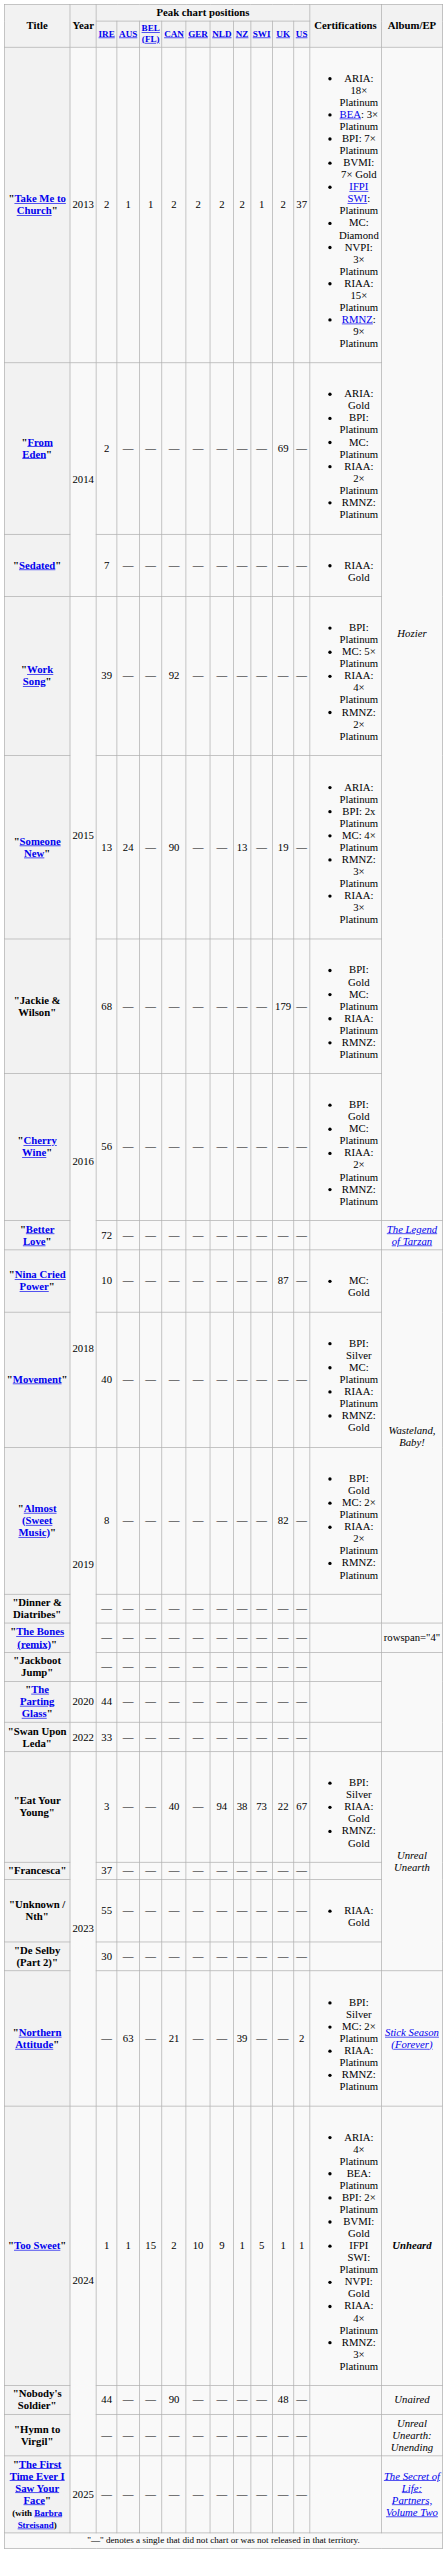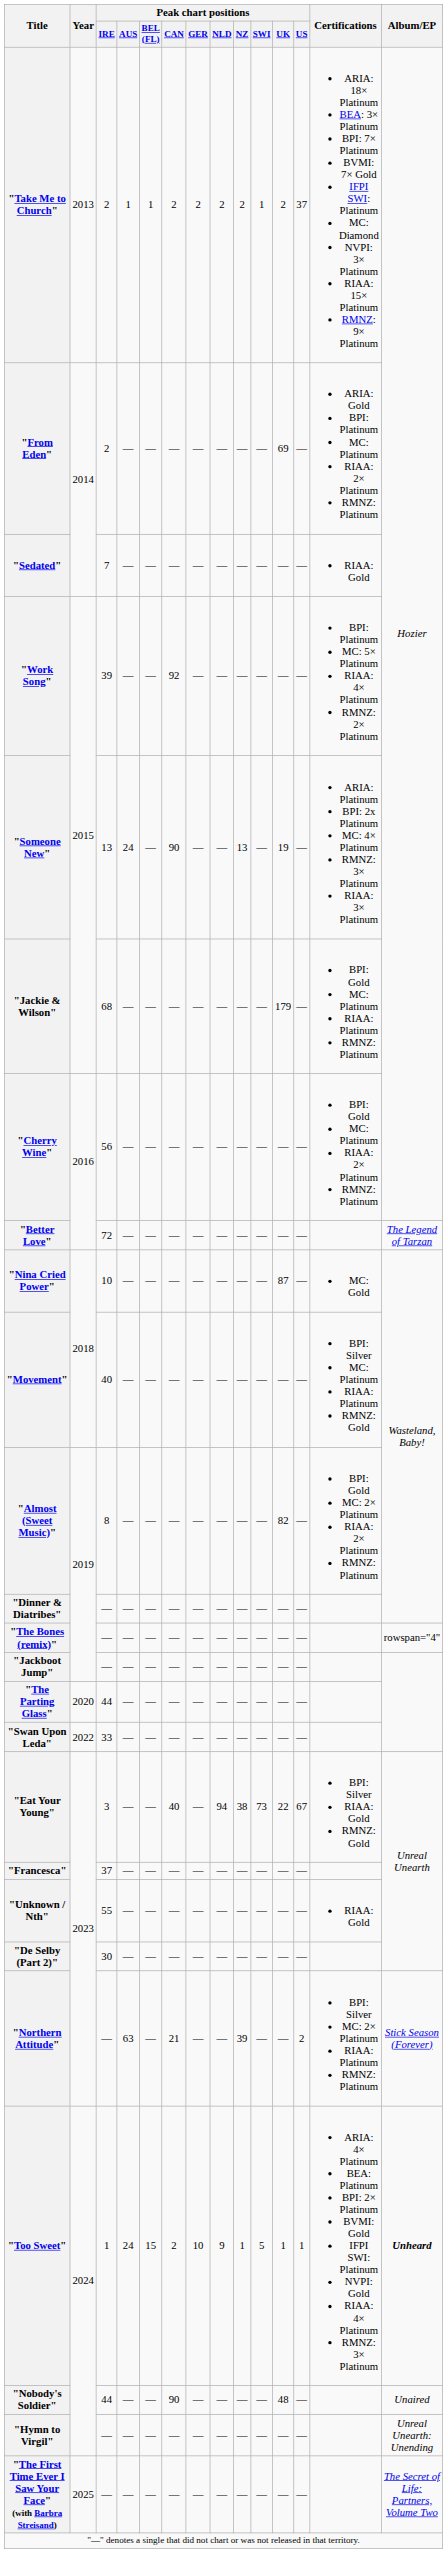 <table class="wikitable plainrowheaders" style="text-align:center;">
 <tr>
 <th scope="col" rowspan="2" style="width:14em;">Title</th>
 <th scope="col" rowspan="2" style="width:1em;">Year</th>
 <th scope="col" colspan="10">Peak chart positions</th>
 <th scope="col" rowspan="2" style="width:13em;">Certifications</th>
 <th scope="col" rowspan="2" style="width:10em;">Album/<strong>EP</strong></th>
 </tr>
 <tr>
 <th scope="col" style="width:3em;font-size:85%;"><a href='#'>IRE</a><br></th>
 <th scope="col" style="width:3em;font-size:85%;"><a href='#'>AUS</a><br></th>
 <th scope="col" style="width:3em;font-size:85%;"><a href='#'>BEL<br>(FL)</a><br></th>
 <th scope="col" style="width:3em;font-size:85%;"><a href='#'>CAN</a><br></th>
 <th scope="col" style="width:3em;font-size:85%;"><a href='#'>GER</a><br></th>
 <th scope="col" style="width:3em;font-size:85%;"><a href='#'>NLD</a><br></th>
 <th scope="col" style="width:3em;font-size:85%;"><a href='#'>NZ</a><br></th>
 <th scope="col" style="width:3em;font-size:85%;"><a href='#'>SWI</a><br></th>
 <th scope="col" style="width:3em;font-size:85%;"><a href='#'>UK</a><br></th>
 <th scope="col" style="width:3em;font-size:85%;"><a href='#'>US</a><br></th>
 </tr>
 <tr>
 <th scope="row">"<a href='#'>Take Me to Church</a>"</th>
 <td>2013</td>
 <td>2</td>
 <td>1</td>
 <td>1</td>
 <td>2</td>
 <td>2</td>
 <td>2</td>
 <td>2</td>
 <td>1</td>
 <td>2</td>
 <td>37</td>
 <td><br><ul><li>ARIA: 18× Platinum</li><li><a href='#'>BEA</a>: 3× Platinum</li><li>BPI: 7× Platinum</li><li>BVMI: 7× Gold</li><li><a href='#'>IFPI SWI</a>: Platinum</li><li>MC: Diamond</li><li>NVPI: 3× Platinum</li><li>RIAA: 15× Platinum</li><li><a href='#'>RMNZ</a>: 9× Platinum</li></ul></td>
 <td rowspan="7"><em>Hozier</em></td>
 </tr>
 <tr>
 <th scope="row">"<a href='#'>From Eden</a>"</th>
 <td rowspan="2">2014</td>
 <td>2</td>
 <td>—</td>
 <td>—</td>
 <td>—</td>
 <td>—</td>
 <td>—</td>
 <td>—</td>
 <td>—</td>
 <td>69</td>
 <td>—</td>
 <td><br><ul><li>ARIA: Gold</li><li>BPI: Platinum</li><li>MC: Platinum</li><li>RIAA: 2× Platinum</li><li>RMNZ: Platinum</li></ul></td>
 </tr>
 <tr>
 <th scope="row">"<a href='#'>Sedated</a>"</th>
 <td>7</td>
 <td>—</td>
 <td>—</td>
 <td>—</td>
 <td>—</td>
 <td>—</td>
 <td>—</td>
 <td>—</td>
 <td>—</td>
 <td>—</td>
 <td><br><ul><li>RIAA: Gold</li></ul></td>
 </tr>
 <tr>
 <th scope="row">"<a href='#'>Work Song</a>"</th>
 <td rowspan="3">2015</td>
 <td>39<br></td>
 <td>—</td>
 <td>—</td>
 <td>92</td>
 <td>—</td>
 <td>—</td>
 <td>—</td>
 <td>—</td>
 <td>—</td>
 <td>—</td>
 <td><br><ul><li>BPI: Platinum</li><li>MC: 5× Platinum</li><li>RIAA: 4× Platinum</li><li>RMNZ: 2× Platinum</li></ul></td>
 </tr>
 <tr>
 <th scope="row">"<a href='#'>Someone New</a>"</th>
 <td>13</td>
 <td>24</td>
 <td>—</td>
 <td>90</td>
 <td>—</td>
 <td>—</td>
 <td>13</td>
 <td>—</td>
 <td>19</td>
 <td>—</td>
 <td><br><ul><li>ARIA: Platinum</li><li>BPI: 2x Platinum</li><li>MC: 4× Platinum</li><li>RMNZ: 3× Platinum</li><li>RIAA: 3× Platinum</li></ul></td>
 </tr>
 <tr>
 <th scope="row">"Jackie & Wilson"</th>
 <td>68</td>
 <td>—</td>
 <td>—</td>
 <td>—</td>
 <td>—</td>
 <td>—</td>
 <td>—</td>
 <td>—</td>
 <td>179</td>
 <td>—</td>
 <td><br><ul><li>BPI: Gold</li><li>MC: Platinum</li><li>RIAA: Platinum</li><li>RMNZ: Platinum</li></ul></td>
 </tr>
 <tr>
 <th scope="row">"<a href='#'>Cherry Wine</a>"</th>
 <td rowspan="2">2016</td>
 <td>56</td>
 <td>—</td>
 <td>—</td>
 <td>—</td>
 <td>—</td>
 <td>—</td>
 <td>—</td>
 <td>—</td>
 <td>—</td>
 <td>—</td>
 <td><br><ul><li>BPI: Gold</li><li>MC: Platinum</li><li>RIAA: 2× Platinum</li><li>RMNZ: Platinum</li></ul></td>
 </tr>
 <tr>
 <th scope="row">"<a href='#'>Better Love</a>"</th>
 <td>72</td>
 <td>—</td>
 <td>—</td>
 <td>—</td>
 <td>—</td>
 <td>—</td>
 <td>—</td>
 <td>—</td>
 <td>—</td>
 <td>—</td>
 <td></td>
 <td><em><a href='#'>The Legend of Tarzan</a></em></td>
 </tr>
 <tr>
 <th scope="row">"<a href='#'>Nina Cried Power</a>"<br></th>
 <td rowspan="2">2018</td>
 <td>10</td>
 <td>—</td>
 <td>—</td>
 <td>—</td>
 <td>—</td>
 <td>—</td>
 <td>—</td>
 <td>—</td>
 <td>87</td>
 <td>—</td>
 <td><br><ul><li>MC: Gold</li></ul></td>
 <td rowspan="4"><em>Wasteland, Baby!</em></td>
 </tr>
 <tr>
 <th scope="row">"<a href='#'>Movement</a>"</th>
 <td>40</td>
 <td>—</td>
 <td>—</td>
 <td>—</td>
 <td>—</td>
 <td>—</td>
 <td>—</td>
 <td>—</td>
 <td>—</td>
 <td>—</td>
 <td><br><ul><li>BPI: Silver</li><li>MC: Platinum</li><li>RIAA: Platinum</li><li>RMNZ: Gold</li></ul></td>
 </tr>
 <tr>
 <th scope="row">"<a href='#'>Almost (Sweet Music)</a>"</th>
 <td rowspan="4">2019</td>
 <td>8</td>
 <td>—</td>
 <td>—</td>
 <td>—</td>
 <td>—</td>
 <td>—</td>
 <td>—</td>
 <td>—</td>
 <td>82</td>
 <td>—</td>
 <td><br><ul><li>BPI: Gold</li><li>MC: 2× Platinum</li><li>RIAA: 2× Platinum</li><li>RMNZ: Platinum</li></ul></td>
 </tr>
 <tr>
 <th scope="row">"Dinner & Diatribes"</th>
 <td>—</td>
 <td>—</td>
 <td>—</td>
 <td>—</td>
 <td>—</td>
 <td>—</td>
 <td>—</td>
 <td>—</td>
 <td>—</td>
 <td>—</td>
 <td></td>
 </tr>
 <tr>
 <th scope="row">"<a href='#'>The Bones (remix)</a>"<br></th>
 <td>—</td>
 <td>—</td>
 <td>—</td>
 <td>—</td>
 <td>—</td>
 <td>—</td>
 <td>—</td>
 <td>—</td>
 <td>—</td>
 <td>—</td>
 <td></td>
 <td>rowspan="4" </td>
 </tr>
 <tr>
 <th scope="row">"Jackboot Jump"</th>
 <td>—</td>
 <td>—</td>
 <td>—</td>
 <td>—</td>
 <td>—</td>
 <td>—</td>
 <td>—</td>
 <td>—</td>
 <td>—</td>
 <td>—</td>
 <td></td>
 </tr>
 <tr>
 <th scope="row">"<a href='#'>The Parting Glass</a>"</th>
 <td>2020</td>
 <td>44</td>
 <td>—</td>
 <td>—</td>
 <td>—</td>
 <td>—</td>
 <td>—</td>
 <td>—</td>
 <td>—</td>
 <td>—</td>
 <td>—</td>
 <td></td>
 </tr>
 <tr>
 <th scope="row">"Swan Upon Leda"</th>
 <td>2022</td>
 <td>33</td>
 <td>—</td>
 <td>—</td>
 <td>—</td>
 <td>—</td>
 <td>—</td>
 <td>—</td>
 <td>—</td>
 <td>—</td>
 <td>—</td>
 <td></td>
 </tr>
 <tr>
 <th scope="row">"Eat Your Young"</th>
 <td rowspan="5">2023</td>
 <td>3</td>
 <td>—</td>
 <td>—</td>
 <td>40</td>
 <td>—</td>
 <td>94</td>
 <td>38</td>
 <td>73</td>
 <td>22</td>
 <td>67</td>
 <td><br><ul><li>BPI: Silver</li><li>RIAA: Gold</li><li>RMNZ: Gold</li></ul></td>
 <td rowspan="4"><em>Unreal Unearth</em></td>
 </tr>
 <tr>
 <th scope="row">"Francesca"</th>
 <td>37</td>
 <td>—</td>
 <td>—</td>
 <td>—</td>
 <td>—</td>
 <td>—</td>
 <td>—</td>
 <td>—</td>
 <td>—</td>
 <td>—</td>
 <td></td>
 </tr>
 <tr>
 <th scope="row">"Unknown / Nth"</th>
 <td>55</td>
 <td>—</td>
 <td>—</td>
 <td>—</td>
 <td>—</td>
 <td>—</td>
 <td>—</td>
 <td>—</td>
 <td>—</td>
 <td>—</td>
 <td><br><ul><li>RIAA: Gold</li></ul></td>
 </tr>
 <tr>
 <th scope="row">"De Selby (Part 2)"</th>
 <td>30</td>
 <td>—</td>
 <td>—</td>
 <td>—</td>
 <td>—</td>
 <td>—</td>
 <td>—</td>
 <td>—</td>
 <td>—</td>
 <td>—</td>
 <td></td>
 </tr>
 <tr>
 <th scope="row">"<a href='#'>Northern Attitude</a>" <br></th>
 <td>—</td>
 <td>63</td>
 <td>—</td>
 <td>21</td>
 <td>—</td>
 <td>—</td>
 <td>39</td>
 <td>—</td>
 <td>—</td>
 <td>2</td>
 <td><br><ul><li>BPI: Silver</li><li>MC: 2× Platinum</li><li>RIAA: Platinum</li><li>RMNZ: Platinum</li></ul></td>
 <td><em><a href='#'>Stick Season (Forever)</a></em></td>
 </tr>
 <tr>
 <th scope="row">"<a href='#'>Too Sweet</a>"</th>
 <td rowspan="3">2024</td>
 <td>1</td>
-<td>1</td>
+<td>24</td>
 <td>15</td>
 <td>2</td>
 <td>10</td>
 <td>9</td>
 <td>1</td>
 <td>5</td>
 <td>1</td>
 <td>1</td>
 <td><br><ul><li>ARIA: 4× Platinum</li><li>BEA: Platinum</li><li>BPI: 2× Platinum</li><li>BVMI: Gold</li><li>IFPI SWI: Platinum</li><li>NVPI: Gold</li><li>RIAA: 4× Platinum</li><li>RMNZ: 3× Platinum</li></ul></td>
 <td><strong><em>Unheard</em></strong></td>
 </tr>
 <tr>
 <th scope="row">"Nobody's Soldier"</th>
 <td>44</td>
 <td>—</td>
 <td>—</td>
 <td>90</td>
 <td>—</td>
 <td>—</td>
 <td>—</td>
 <td>—</td>
 <td>48</td>
 <td>—</td>
 <td></td>
 <td><em>Unaired</em></td>
 </tr>
 <tr>
 <th scope="row">"Hymn to Virgil"</th>
 <td>—</td>
 <td>—</td>
 <td>—</td>
 <td>—</td>
 <td>—</td>
 <td>—</td>
 <td>—</td>
 <td>—</td>
 <td>—</td>
 <td>—</td>
 <td></td>
 <td><em>Unreal Unearth: Unending</em></td>
 </tr>
 <tr>
 <th scope="row">"<a href='#'>The First Time Ever I Saw Your Face</a>"<br><small>(with <a href='#'>Barbra Streisand</a>)</small></th>
 <td>2025</td>
 <td>—</td>
 <td>—</td>
 <td>—</td>
 <td>—</td>
 <td>—</td>
 <td>—</td>
 <td>—</td>
 <td>—</td>
 <td>—</td>
 <td>—</td>
 <td></td>
 <td><em><a href='#'>The Secret of Life: Partners, Volume Two</a></em></td>
 </tr>
 <tr>
 <td colspan="22" style="font-size:85%">"—" denotes a single that did not chart or was not released in that territory.</td>
 </tr>
 </table>
